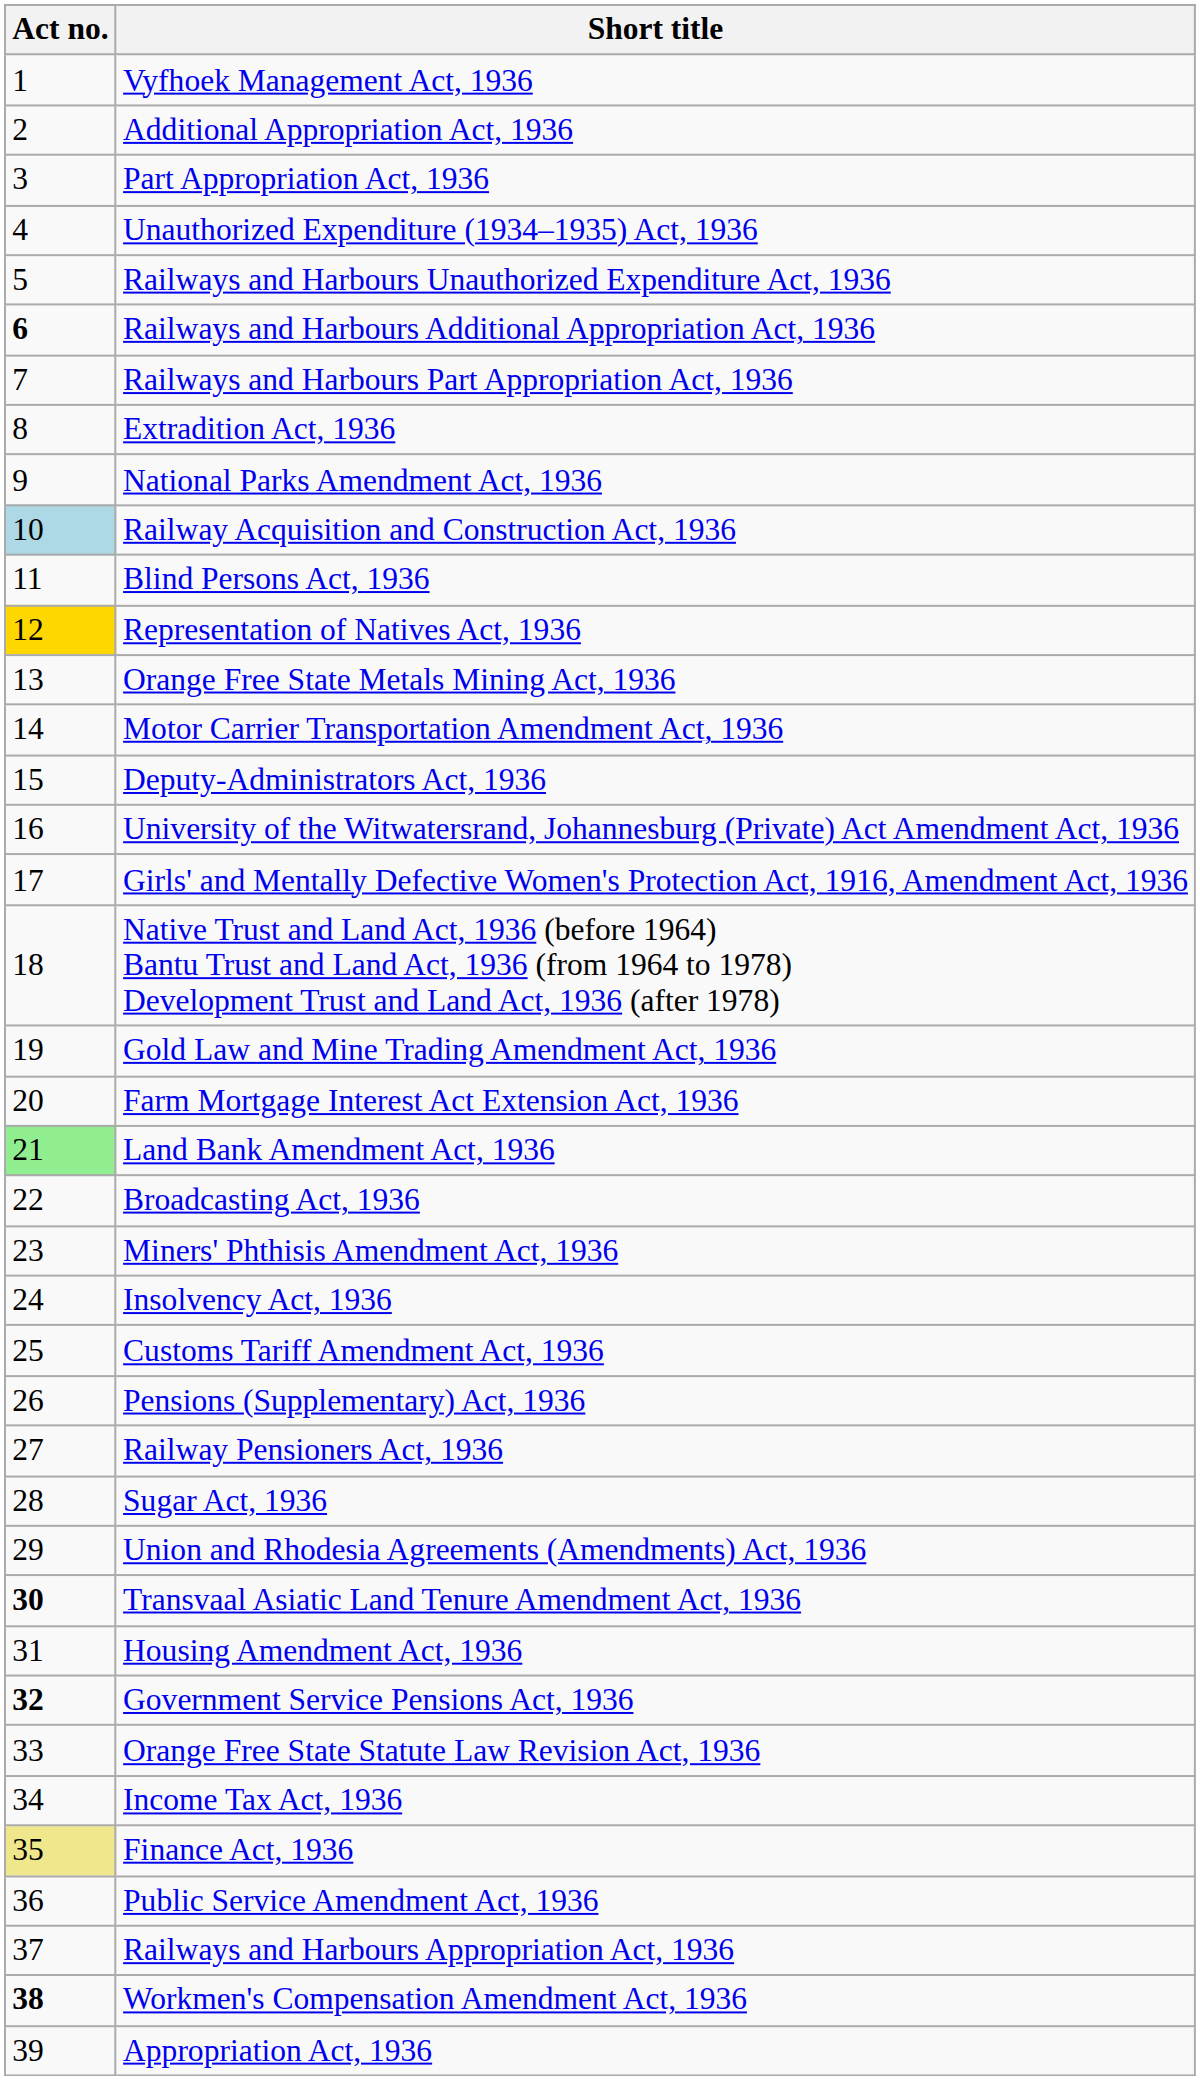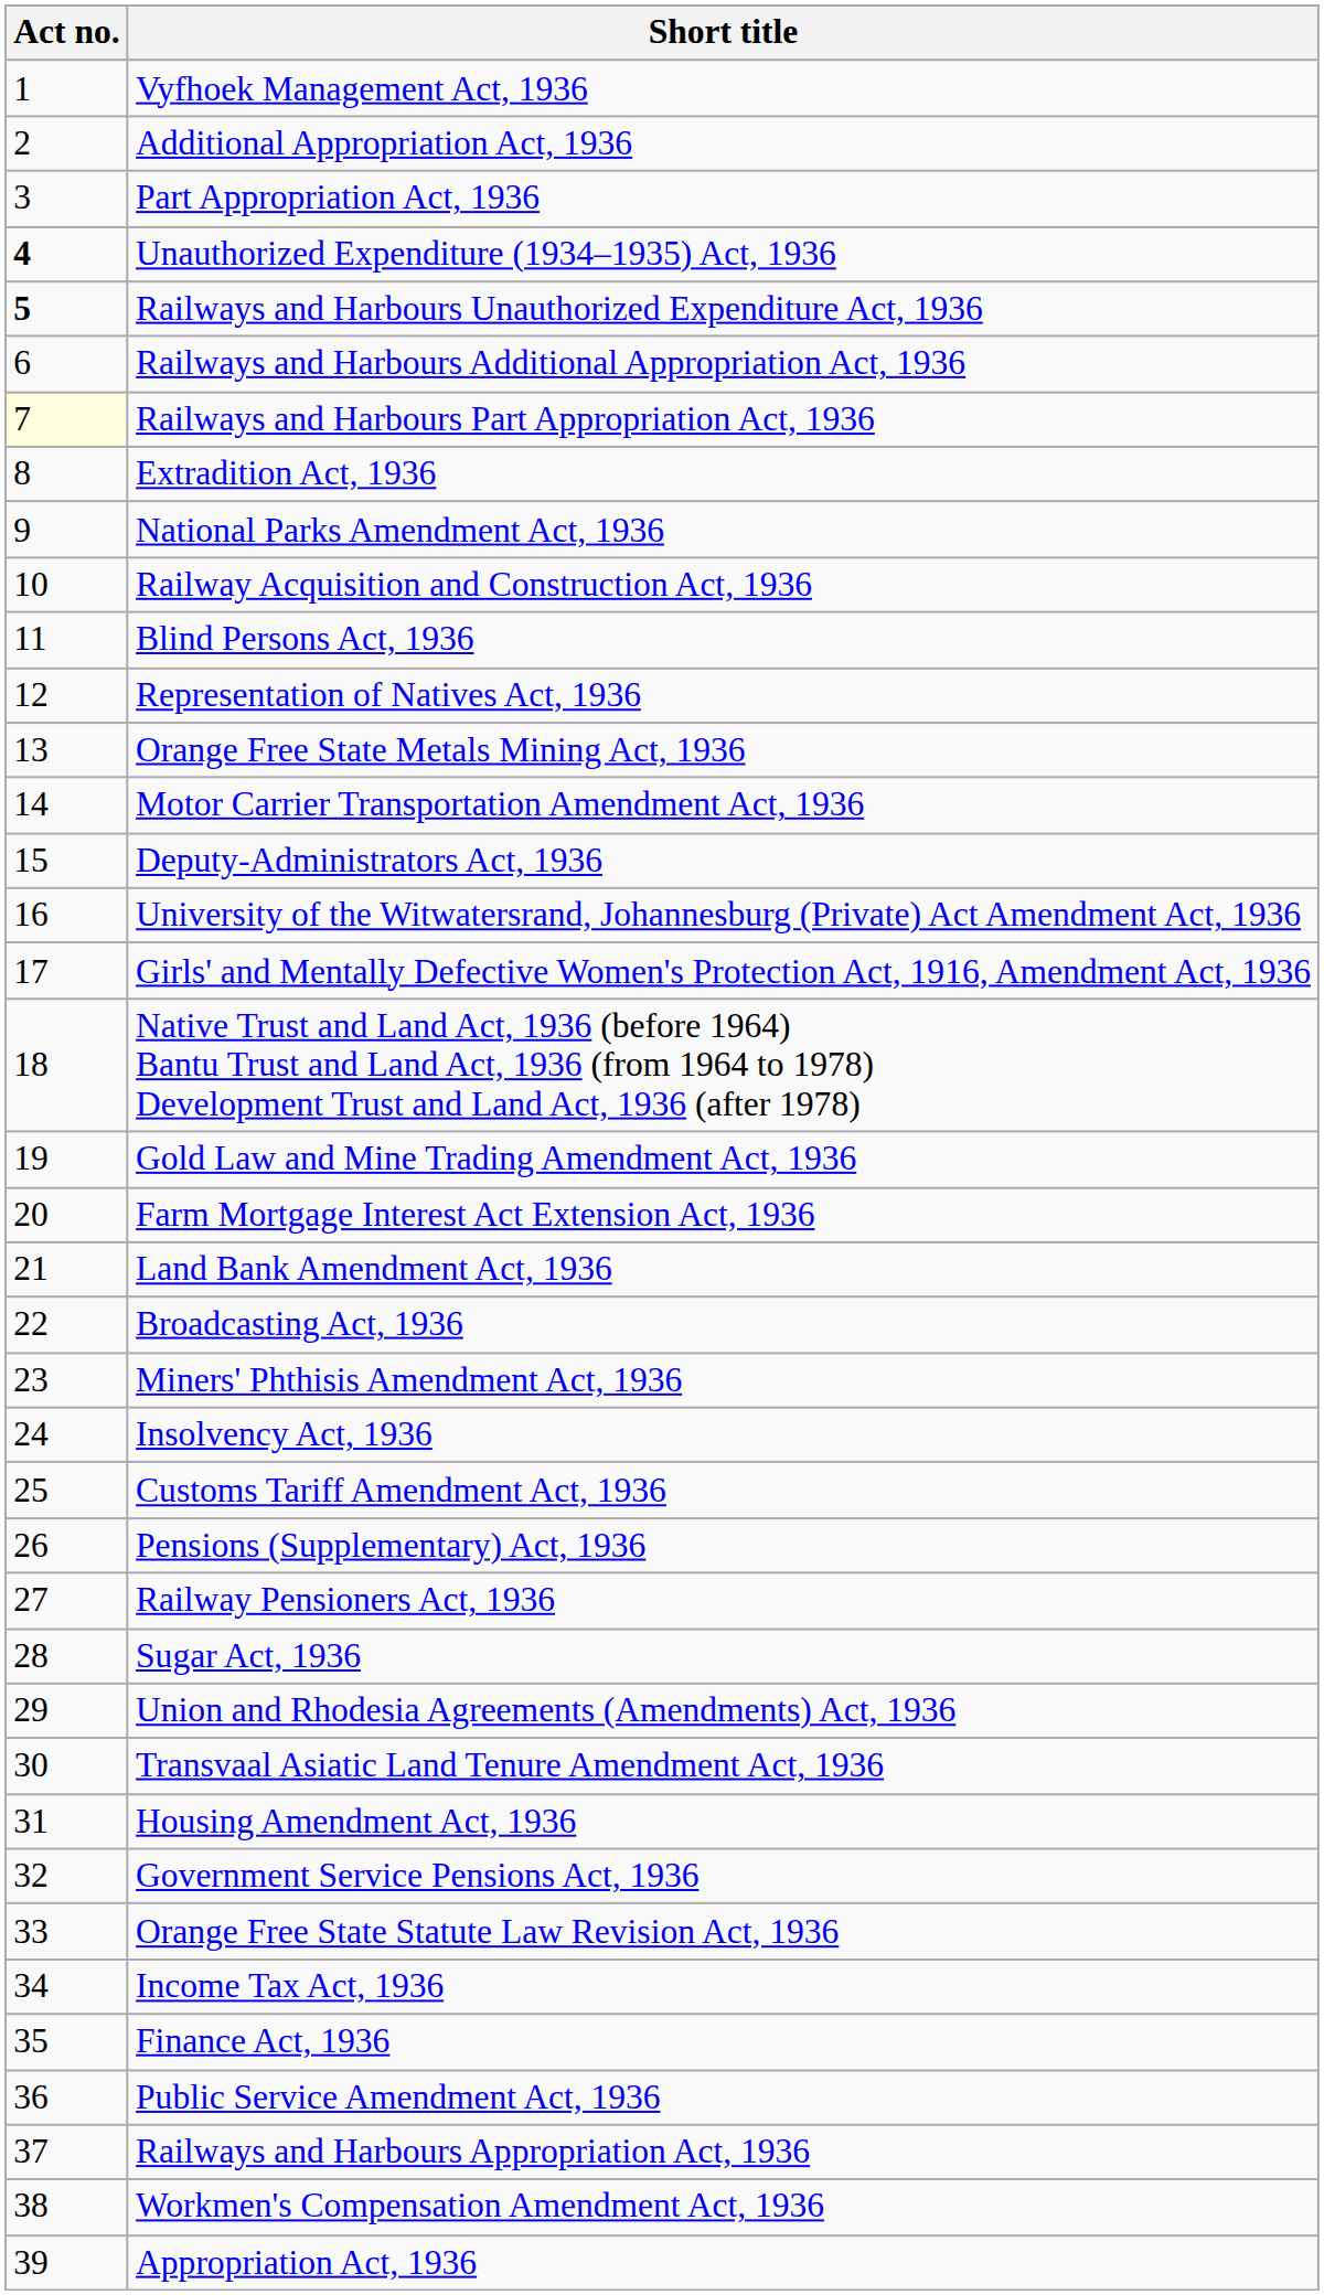 <table class="wikitable sortable">
 <tr>
 <th>Act no.</th>
 <th>Short title</th>
 </tr>
 <tr>
 <td>1</td>
 <td><a href='#'>Vyfhoek Management Act, 1936</a></td>
 </tr>
 <tr>
 <td>2</td>
 <td><a href='#'>Additional Appropriation Act, 1936</a></td>
 </tr>
 <tr>
 <td>3</td>
 <td><a href='#'>Part Appropriation Act, 1936</a></td>
 </tr>
 <tr>
-<td>4</td>
+<td><strong>4</strong></td>
 <td><a href='#'>Unauthorized Expenditure (1934–1935) Act, 1936</a></td>
 </tr>
 <tr>
-<td>5</td>
+<td><strong>5</strong></td>
 <td><a href='#'>Railways and Harbours Unauthorized Expenditure Act, 1936</a></td>
 </tr>
 <tr>
-<td><strong>6</strong></td>
+<td>6</td>
 <td><a href='#'>Railways and Harbours Additional Appropriation Act, 1936</a></td>
 </tr>
 <tr>
-<td>7</td>
+<td style="background: lightyellow;">7</td>
 <td><a href='#'>Railways and Harbours Part Appropriation Act, 1936</a></td>
 </tr>
 <tr>
 <td>8</td>
 <td><a href='#'>Extradition Act, 1936</a></td>
 </tr>
 <tr>
 <td>9</td>
 <td><a href='#'>National Parks Amendment Act, 1936</a></td>
 </tr>
 <tr>
-<td style="background: lightblue;">10</td>
+<td>10</td>
 <td><a href='#'>Railway Acquisition and Construction Act, 1936</a></td>
 </tr>
 <tr>
 <td>11</td>
 <td><a href='#'>Blind Persons Act, 1936</a></td>
 </tr>
 <tr>
-<td style="background: gold;">12</td>
+<td>12</td>
 <td><a href='#'>Representation of Natives Act, 1936</a></td>
 </tr>
 <tr>
 <td>13</td>
 <td><a href='#'>Orange Free State Metals Mining Act, 1936</a></td>
 </tr>
 <tr>
 <td>14</td>
 <td><a href='#'>Motor Carrier Transportation Amendment Act, 1936</a></td>
 </tr>
 <tr>
 <td>15</td>
 <td><a href='#'>Deputy-Administrators Act, 1936</a></td>
 </tr>
 <tr>
 <td>16</td>
 <td><a href='#'>University of the Witwatersrand, Johannesburg (Private) Act Amendment Act, 1936</a></td>
 </tr>
 <tr>
 <td>17</td>
 <td><a href='#'>Girls' and Mentally Defective Women's Protection Act, 1916, Amendment Act, 1936</a></td>
 </tr>
 <tr>
 <td>18</td>
 <td><a href='#'>Native Trust and Land Act, 1936</a> (before 1964) <br><a href='#'>Bantu Trust and Land Act, 1936</a> (from 1964 to 1978) <br><a href='#'>Development Trust and Land Act, 1936</a> (after 1978)</td>
 </tr>
 <tr>
 <td>19</td>
 <td><a href='#'>Gold Law and Mine Trading Amendment Act, 1936</a></td>
 </tr>
 <tr>
 <td>20</td>
 <td><a href='#'>Farm Mortgage Interest Act Extension Act, 1936</a></td>
 </tr>
 <tr>
-<td style="background: lightgreen;">21</td>
+<td>21</td>
 <td><a href='#'>Land Bank Amendment Act, 1936</a></td>
 </tr>
 <tr>
 <td>22</td>
 <td><a href='#'>Broadcasting Act, 1936</a></td>
 </tr>
 <tr>
 <td>23</td>
 <td><a href='#'>Miners' Phthisis Amendment Act, 1936</a></td>
 </tr>
 <tr>
 <td>24</td>
 <td><a href='#'>Insolvency Act, 1936</a></td>
 </tr>
 <tr>
 <td>25</td>
 <td><a href='#'>Customs Tariff Amendment Act, 1936</a></td>
 </tr>
 <tr>
 <td>26</td>
 <td><a href='#'>Pensions (Supplementary) Act, 1936</a></td>
 </tr>
 <tr>
 <td>27</td>
 <td><a href='#'>Railway Pensioners Act, 1936</a></td>
 </tr>
 <tr>
 <td>28</td>
 <td><a href='#'>Sugar Act, 1936</a></td>
 </tr>
 <tr>
 <td>29</td>
 <td><a href='#'>Union and Rhodesia Agreements (Amendments) Act, 1936</a></td>
 </tr>
 <tr>
-<td><strong>30</strong></td>
+<td>30</td>
 <td><a href='#'>Transvaal Asiatic Land Tenure Amendment Act, 1936</a></td>
 </tr>
 <tr>
 <td>31</td>
 <td><a href='#'>Housing Amendment Act, 1936</a></td>
 </tr>
 <tr>
-<td><strong>32</strong></td>
+<td>32</td>
 <td><a href='#'>Government Service Pensions Act, 1936</a></td>
 </tr>
 <tr>
 <td>33</td>
 <td><a href='#'>Orange Free State Statute Law Revision Act, 1936</a></td>
 </tr>
 <tr>
 <td>34</td>
 <td><a href='#'>Income Tax Act, 1936</a></td>
 </tr>
 <tr>
-<td style="background: khaki;">35</td>
+<td>35</td>
 <td><a href='#'>Finance Act, 1936</a></td>
 </tr>
 <tr>
 <td>36</td>
 <td><a href='#'>Public Service Amendment Act, 1936</a></td>
 </tr>
 <tr>
 <td>37</td>
 <td><a href='#'>Railways and Harbours Appropriation Act, 1936</a></td>
 </tr>
 <tr>
-<td><strong>38</strong></td>
+<td>38</td>
 <td><a href='#'>Workmen's Compensation Amendment Act, 1936</a></td>
 </tr>
 <tr>
 <td>39</td>
 <td><a href='#'>Appropriation Act, 1936</a></td>
 </tr>
 </table>
